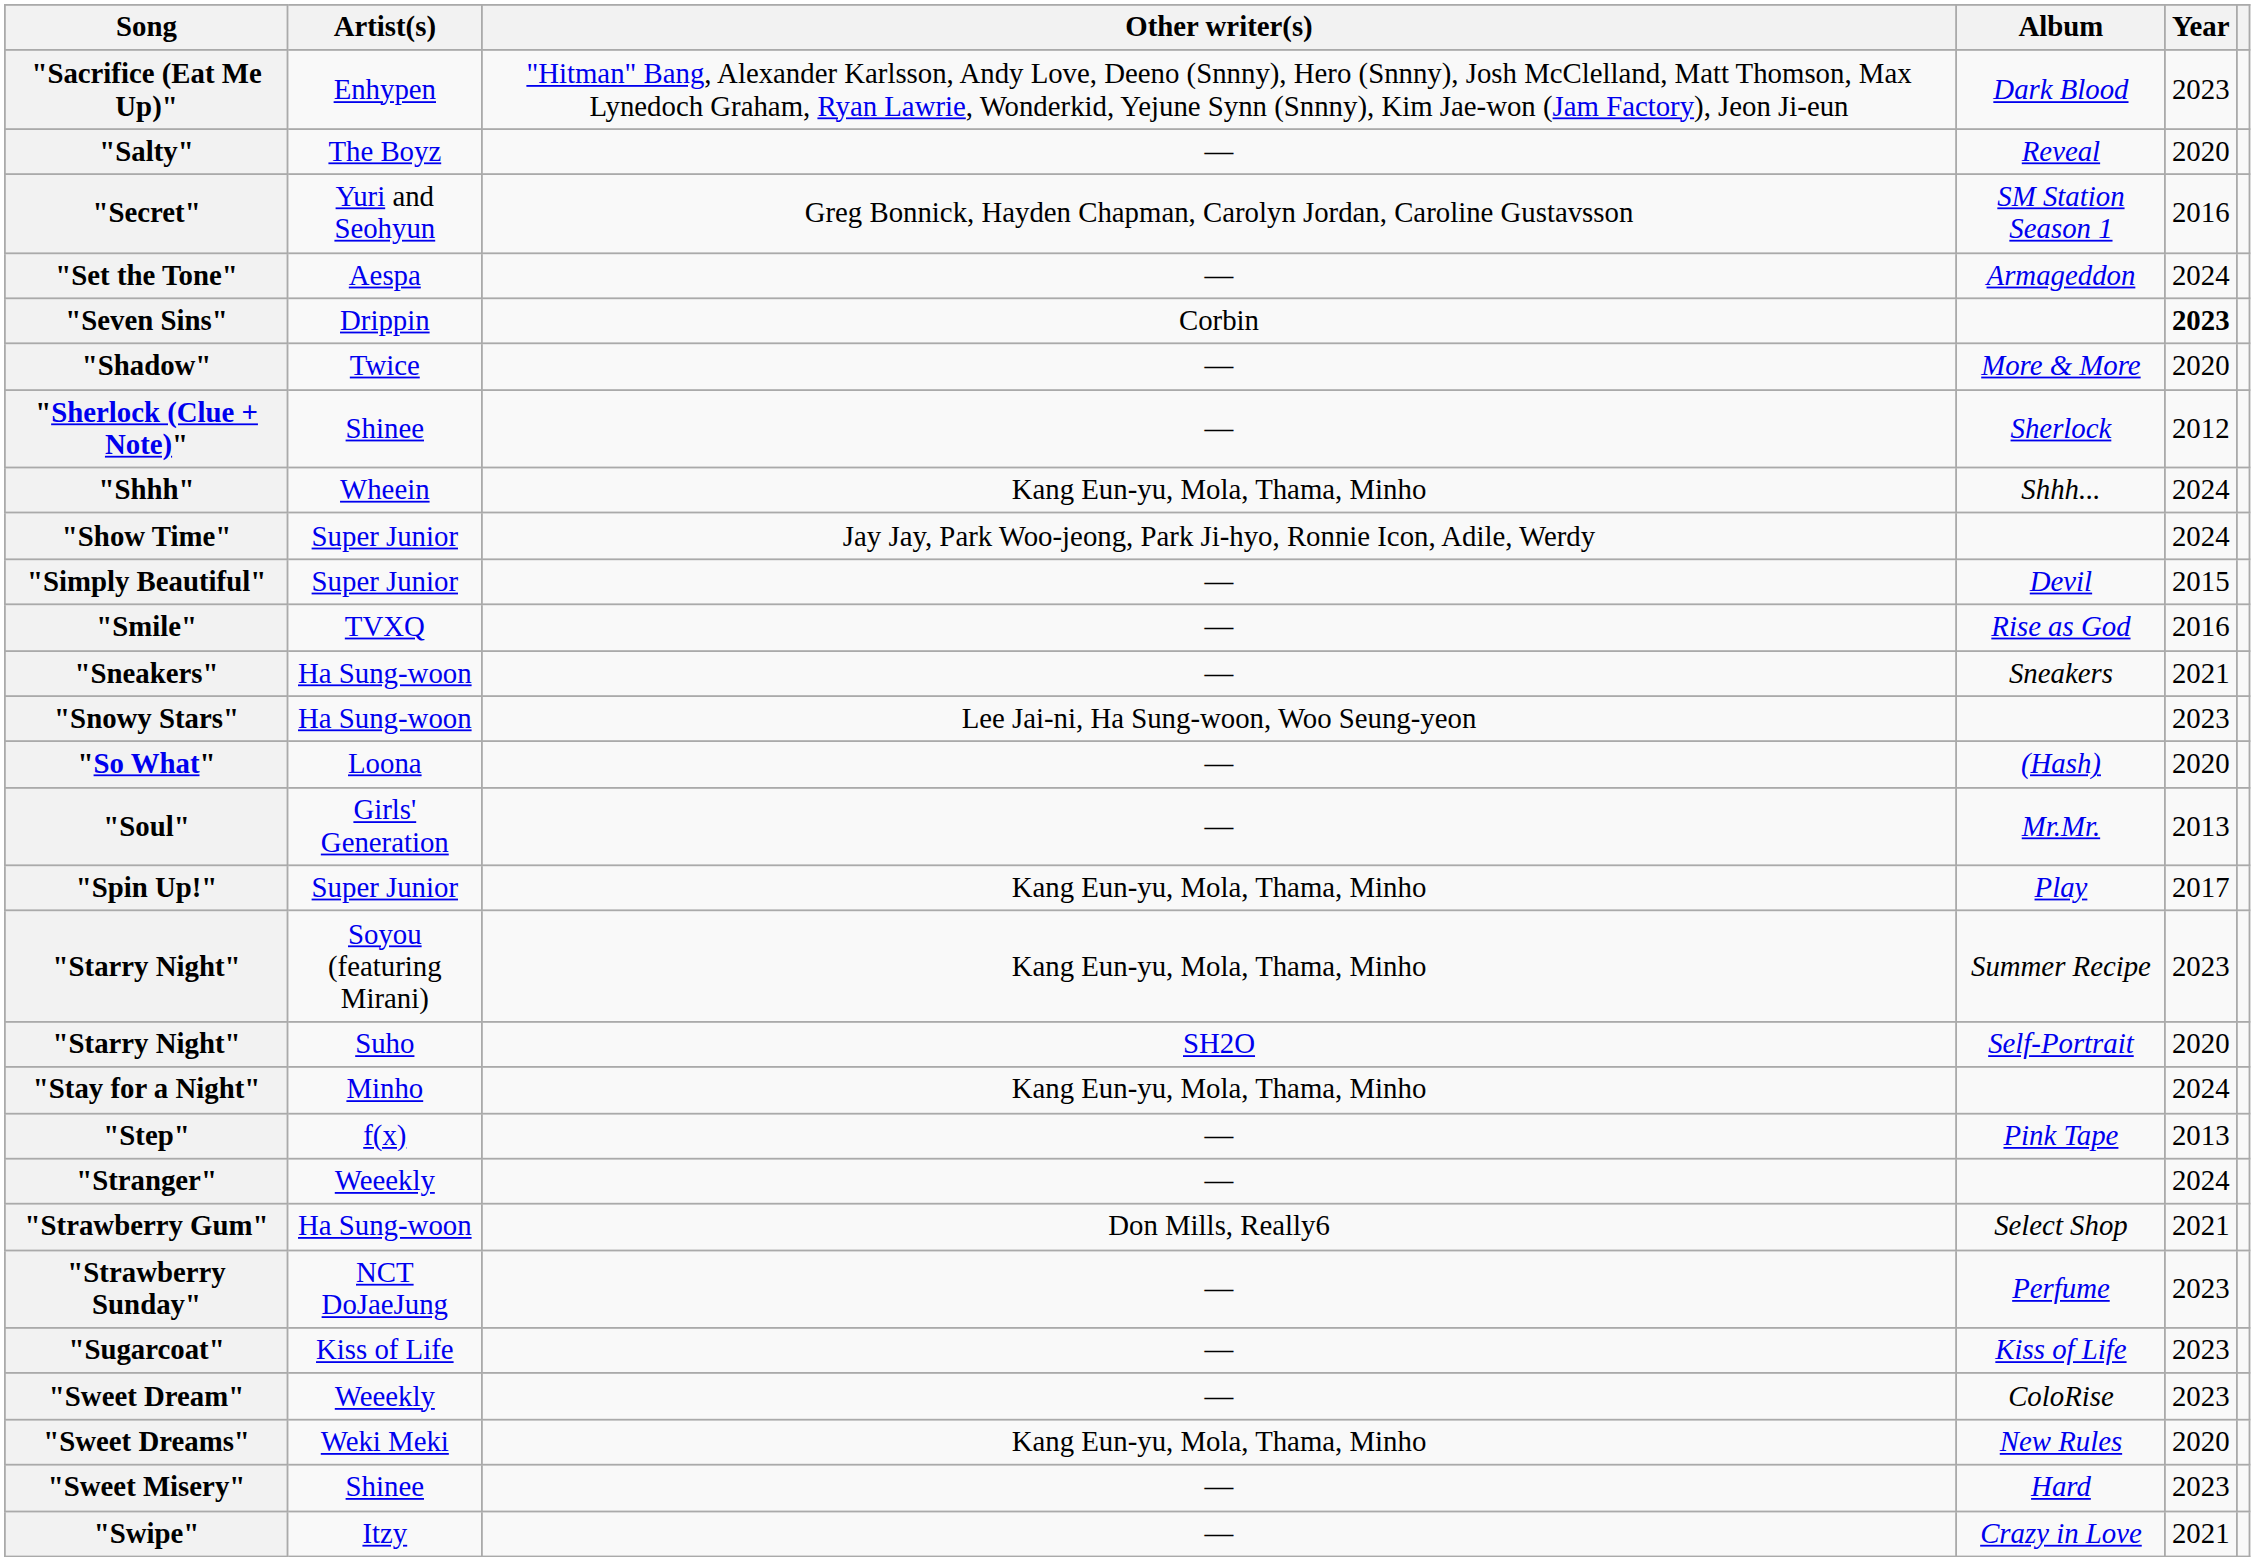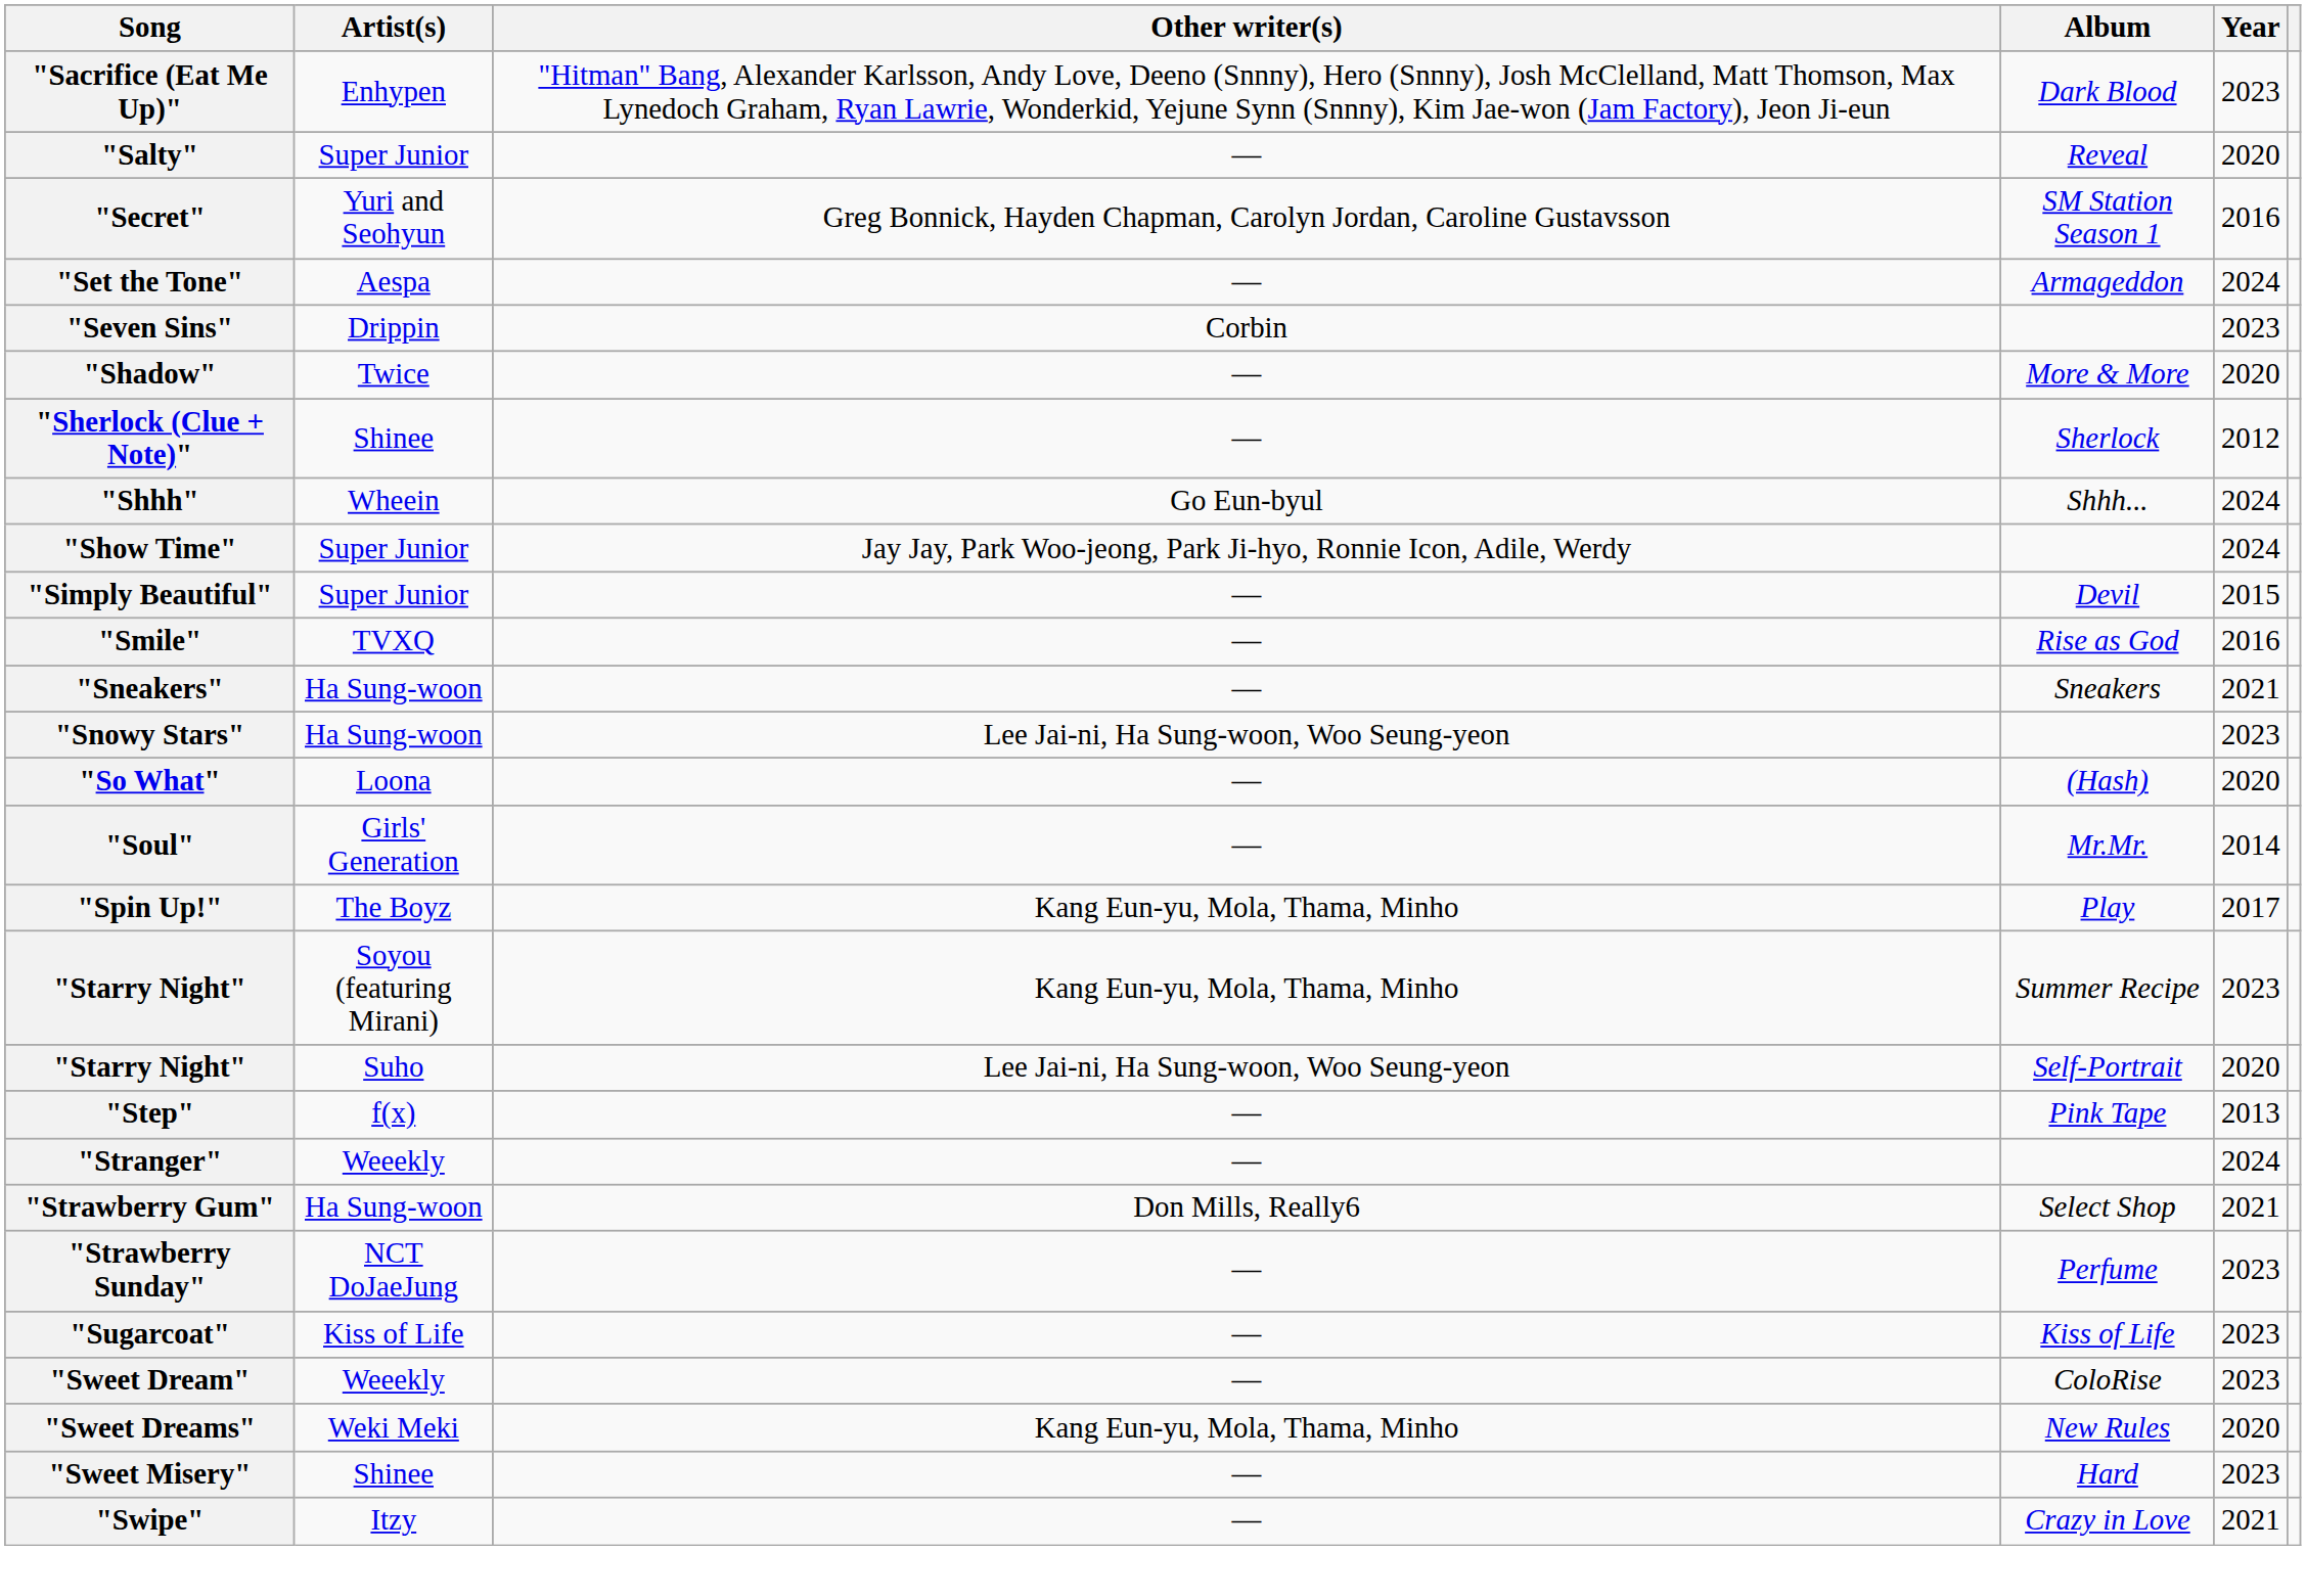 <table class="wikitable sortable plainrowheaders" style="text-align:center;">
 <tr>
 <th scope="col" width="150">Song</th>
 <th scope="col" width="100">Artist(s)</th>
 <th scope="col" class="unsortable">Other writer(s)</th>
 <th scope="col" data-sort-type="text">Album</th>
 <th scope="col">Year</th>
 <th scope="col" class="unsortable"></th>
 </tr>
 <tr>
 <th scope="row">"Sacrifice (Eat Me Up)"</th>
 <td><a href='#'>Enhypen</a></td>
 <td><a href='#'>"Hitman" Bang</a>, Alexander Karlsson, Andy Love, Deeno (Snnny), Hero (Snnny), Josh McClelland, Matt Thomson, Max Lynedoch Graham, <a href='#'>Ryan Lawrie</a>, Wonderkid, Yejune Synn (Snnny), Kim Jae-won (<a href='#'>Jam Factory</a>), Jeon Ji-eun</td>
 <td><em><a href='#'>Dark Blood</a></em></td>
 <td>2023</td>
 <td style="text-align:center;"></td>
 </tr>
 <tr>
 <th scope="row">"Salty"</th>
-<td><a href='#'>The Boyz</a></td>
+<td><a href='#'>Super Junior</a></td>
 <td>—</td>
 <td><em><a href='#'>Reveal</a></em></td>
 <td>2020</td>
 <td style="text-align:center;"></td>
 </tr>
 <tr>
 <th scope="row">"Secret"</th>
 <td><a href='#'>Yuri</a> and <a href='#'>Seohyun</a></td>
 <td>Greg Bonnick, Hayden Chapman, Carolyn Jordan, Caroline Gustavsson</td>
 <td><em><a href='#'>SM Station Season 1</a></em></td>
 <td>2016</td>
 <td style="text-align:center;"></td>
 </tr>
 <tr>
 <th scope="row">"Set the Tone"</th>
 <td><a href='#'>Aespa</a></td>
 <td>—</td>
 <td><em><a href='#'>Armageddon</a></em></td>
 <td>2024</td>
 <td style="text-align:center;"></td>
 </tr>
 <tr>
 <th scope="row">"Seven Sins"</th>
 <td><a href='#'>Drippin</a></td>
 <td>Corbin</td>
 <td></td>
-<td><strong>2023</strong></td>
+<td>2023</td>
 <td style="text-align:center;"></td>
 </tr>
 <tr>
 <th scope="row">"Shadow"</th>
 <td><a href='#'>Twice</a></td>
 <td>—</td>
 <td><em><a href='#'>More & More</a></em></td>
 <td>2020</td>
 <td style="text-align:center;"></td>
 </tr>
 <tr>
 <th scope="row">"<a href='#'>Sherlock (Clue + Note)</a>"</th>
 <td><a href='#'>Shinee</a></td>
 <td>—</td>
 <td><em><a href='#'>Sherlock</a></em></td>
 <td>2012</td>
 <td style="text-align:center;"></td>
 </tr>
 <tr>
 <th scope="row">"Shhh"</th>
 <td><a href='#'>Wheein</a></td>
-<td>Kang Eun-yu, Mola, Thama, Minho</td>
+<td>Go Eun-byul</td>
 <td><em>Shhh...</em></td>
 <td>2024</td>
 <td style="text-align:center;"></td>
 </tr>
 <tr>
 <th scope="row">"Show Time"</th>
 <td><a href='#'>Super Junior</a></td>
 <td>Jay Jay, Park Woo-jeong, Park Ji-hyo, Ronnie Icon, Adile, Werdy</td>
 <td></td>
 <td>2024</td>
 <td style="text-align:center;"></td>
 </tr>
 <tr>
 <th scope="row">"Simply Beautiful"</th>
 <td><a href='#'>Super Junior</a></td>
 <td>—</td>
 <td><em><a href='#'>Devil</a></em></td>
 <td>2015</td>
 <td style="text-align:center;"></td>
 </tr>
 <tr>
 <th scope="row">"Smile"</th>
 <td><a href='#'>TVXQ</a></td>
 <td>—</td>
 <td><em><a href='#'>Rise as God</a></em></td>
 <td>2016</td>
 <td style="text-align:center;"></td>
 </tr>
 <tr>
 <th scope="row">"Sneakers"</th>
 <td><a href='#'>Ha Sung-woon</a></td>
 <td>—</td>
 <td><em>Sneakers</em></td>
 <td>2021</td>
 <td style="text-align:center;"></td>
 </tr>
 <tr>
 <th scope="row">"Snowy Stars"</th>
 <td><a href='#'>Ha Sung-woon</a></td>
 <td>Lee Jai-ni, Ha Sung-woon, Woo Seung-yeon</td>
 <td></td>
 <td>2023</td>
 <td style="text-align:center;"></td>
 </tr>
 <tr>
 <th scope="row">"<a href='#'>So What</a>"</th>
 <td><a href='#'>Loona</a></td>
 <td>—</td>
 <td><em><a href='#'>(Hash)</a></em></td>
 <td>2020</td>
 <td style="text-align:center;"></td>
 </tr>
 <tr>
 <th scope="row">"Soul"</th>
 <td><a href='#'>Girls' Generation</a></td>
 <td>—</td>
 <td><em><a href='#'>Mr.Mr.</a></em></td>
-<td>2013</td>
+<td>2014</td>
 <td style="text-align:center;"></td>
 </tr>
 <tr>
 <th scope="row">"Spin Up!"</th>
-<td><a href='#'>Super Junior</a></td>
+<td><a href='#'>The Boyz</a></td>
 <td>Kang Eun-yu, Mola, Thama, Minho</td>
 <td><em><a href='#'>Play</a></em></td>
 <td>2017</td>
 <td style="text-align:center;"></td>
 </tr>
 <tr>
 <th scope="row">"Starry Night"</th>
 <td><a href='#'>Soyou</a> (featuring Mirani)</td>
 <td>Kang Eun-yu, Mola, Thama, Minho</td>
 <td><em>Summer Recipe</em></td>
 <td>2023</td>
 <td style="text-align:center;"></td>
 </tr>
 <tr>
 <th scope="row">"Starry Night"</th>
 <td><a href='#'>Suho</a></td>
-<td><a href='#'>SH2O</a></td>
+<td>Lee Jai-ni, Ha Sung-woon, Woo Seung-yeon</td>
 <td><em><a href='#'>Self-Portrait</a></em></td>
 <td>2020</td>
-<td style="text-align:center;"></td>
-</tr>
-<tr>
-<th scope="row">"Stay for a Night"</th>
-<td><a href='#'>Minho</a></td>
-<td>Kang Eun-yu, Mola, Thama, Minho</td>
-<td></td>
-<td>2024</td>
 <td style="text-align:center;"></td>
 </tr>
 <tr>
 <th scope="row">"Step"</th>
 <td><a href='#'>f(x)</a></td>
 <td>—</td>
 <td><em><a href='#'>Pink Tape</a></em></td>
 <td>2013</td>
 <td style="text-align:center;"></td>
 </tr>
 <tr>
 <th scope="row">"Stranger"</th>
 <td><a href='#'>Weeekly</a></td>
 <td>—</td>
 <td></td>
 <td>2024</td>
 <td style="text-align:center;"></td>
 </tr>
 <tr>
 <th scope="row">"Strawberry Gum"</th>
 <td><a href='#'>Ha Sung-woon</a></td>
 <td>Don Mills, Really6</td>
 <td><em>Select Shop</em></td>
 <td>2021</td>
 <td style="text-align:center;"></td>
 </tr>
 <tr>
 <th scope="row">"Strawberry Sunday"</th>
 <td><a href='#'>NCT DoJaeJung</a></td>
 <td>—</td>
 <td><em><a href='#'>Perfume</a></em></td>
 <td>2023</td>
 <td style="text-align:center;"></td>
 </tr>
 <tr>
 <th scope="row">"Sugarcoat"</th>
 <td><a href='#'>Kiss of Life</a></td>
 <td>—</td>
 <td><em><a href='#'>Kiss of Life</a></em></td>
 <td>2023</td>
 <td style="text-align:center;"></td>
 </tr>
 <tr>
 <th scope="row">"Sweet Dream"</th>
 <td><a href='#'>Weeekly</a></td>
 <td>—</td>
 <td><em>ColoRise</em></td>
 <td>2023</td>
 <td style="text-align:center;"></td>
 </tr>
 <tr>
 <th scope="row">"Sweet Dreams"</th>
 <td><a href='#'>Weki Meki</a></td>
 <td>Kang Eun-yu, Mola, Thama, Minho</td>
 <td><em><a href='#'>New Rules</a></em></td>
 <td>2020</td>
 <td style="text-align:center;"></td>
 </tr>
 <tr>
 <th scope="row">"Sweet Misery"</th>
 <td><a href='#'>Shinee</a></td>
 <td>—</td>
 <td><em><a href='#'>Hard</a></em></td>
 <td>2023</td>
 <td style="text-align:center;"></td>
 </tr>
 <tr>
 <th scope="row">"Swipe"</th>
 <td><a href='#'>Itzy</a></td>
 <td>—</td>
 <td><em><a href='#'>Crazy in Love</a></em></td>
 <td>2021</td>
 <td style="text-align:center;"></td>
 </tr>
 </table>
